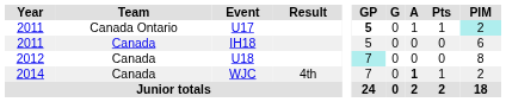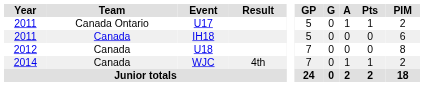 <table border="0" cellpadding="1" cellspacing="0" style="text-align:center; width:40em">
 <tr ALIGN="center" bgcolor="#e0e0e0">
 <th>Year</th>
 <th>Team</th>
 <th>Event</th>
 <th>Result</th>
 <th rowspan="99" bgcolor="#ffffff"> </th>
 <th>GP</th>
 <th>G</th>
 <th>A</th>
 <th>Pts</th>
 <th>PIM</th>
 </tr>
 <tr ALIGN="center">
 <td><a href='#'>2011</a></td>
 <td>Canada Ontario</td>
 <td><a href='#'>U17</a></td>
 <td></td>
-<td><strong>5</strong></td>
+<td>5</td>
 <td>0</td>
 <td>1</td>
 <td>1</td>
-<td style="background: paleturquoise;">2</td>
+<td>2</td>
 </tr>
 <tr ALIGN="center"  bgcolor="#f0f0f0">
 <td><a href='#'>2011</a></td>
 <td><a href='#'>Canada</a></td>
 <td><a href='#'>IH18</a></td>
 <td></td>
 <td>5</td>
 <td>0</td>
 <td>0</td>
 <td>0</td>
 <td>6</td>
 </tr>
 <tr ALIGN="center">
 <td><a href='#'>2012</a></td>
 <td>Canada</td>
 <td><a href='#'>U18</a></td>
 <td></td>
-<td style="background: paleturquoise;">7</td>
+<td>7</td>
 <td>0</td>
 <td>0</td>
 <td>0</td>
 <td>8</td>
 </tr>
 <tr ALIGN="center" bgcolor="#f0f0f0">
 <td><a href='#'>2014</a></td>
 <td>Canada</td>
 <td><a href='#'>WJC</a></td>
 <td>4th</td>
 <td>7</td>
 <td>0</td>
-<td><strong>1</strong></td>
+<td>1</td>
 <td>1</td>
 <td>2</td>
 </tr>
 <tr bgcolor="#e0e0e0">
 <th colspan="4">Junior totals</th>
 <th>24</th>
 <th>0</th>
 <th>2</th>
 <th>2</th>
 <th>18</th>
 </tr>
 </table>
